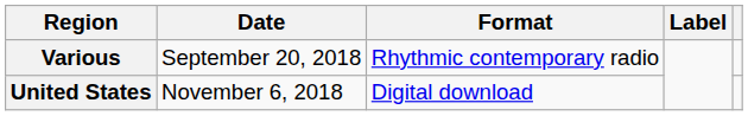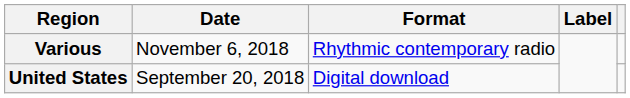 <table class="wikitable sortable plainrowheaders">
 <tr>
 <th scope="col">Region</th>
 <th scope="col">Date</th>
 <th scope="col">Format</th>
 <th scope="col">Label</th>
 <th scope="col"></th>
 </tr>
 <tr>
 <th scope="row">Various</th>
-<td>September 20, 2018</td>
+<td>November 6, 2018</td>
 <td><a href='#'>Rhythmic contemporary</a> radio</td>
 <td rowspan="3"></td>
 <td></td>
 </tr>
 <tr>
 <th scope="row">United States</th>
-<td>November 6, 2018</td>
+<td>September 20, 2018</td>
 <td><a href='#'>Digital download</a></td>
 <td></td>
 </tr>
 </table>
